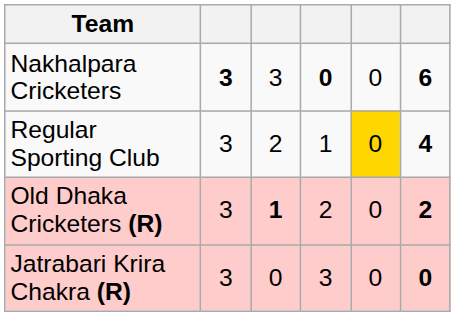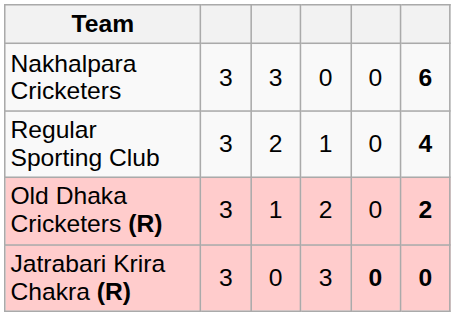 <table class="wikitable" style="text-align:center">
 <tr>
 <th style="width:120px">Team</th>
 <th style="width:25px"></th>
 <th style="width:25px"></th>
 <th style="width:25px"></th>
 <th style="width:25px"></th>
 <th style="width:25px"></th>
 </tr>
 <tr>
 <td style="text-align:left">Nakhalpara Cricketers</td>
-<td><strong>3</strong></td>
 <td>3</td>
-<td><strong>0</strong></td>
+<td>3</td>
+<td>0</td>
 <td>0</td>
 <td><strong>6</strong></td>
 </tr>
 <tr>
 <td style="text-align:left">Regular Sporting Club</td>
 <td>3</td>
 <td>2</td>
 <td>1</td>
-<td style="background: gold;">0</td>
+<td>0</td>
 <td><strong>4</strong></td>
 </tr>
 <tr style="background:#ffcccc;">
 <td style="text-align:left">Old Dhaka Cricketers <strong>(R)</strong></td>
 <td>3</td>
-<td><strong>1</strong></td>
+<td>1</td>
 <td>2</td>
 <td>0</td>
 <td><strong>2</strong></td>
 </tr>
 <tr style="background:#ffcccc;">
 <td style="text-align:left">Jatrabari Krira Chakra <strong>(R)</strong></td>
 <td>3</td>
 <td>0</td>
 <td>3</td>
-<td>0</td>
+<td><strong>0</strong></td>
 <td><strong>0</strong></td>
 </tr>
 </table>
